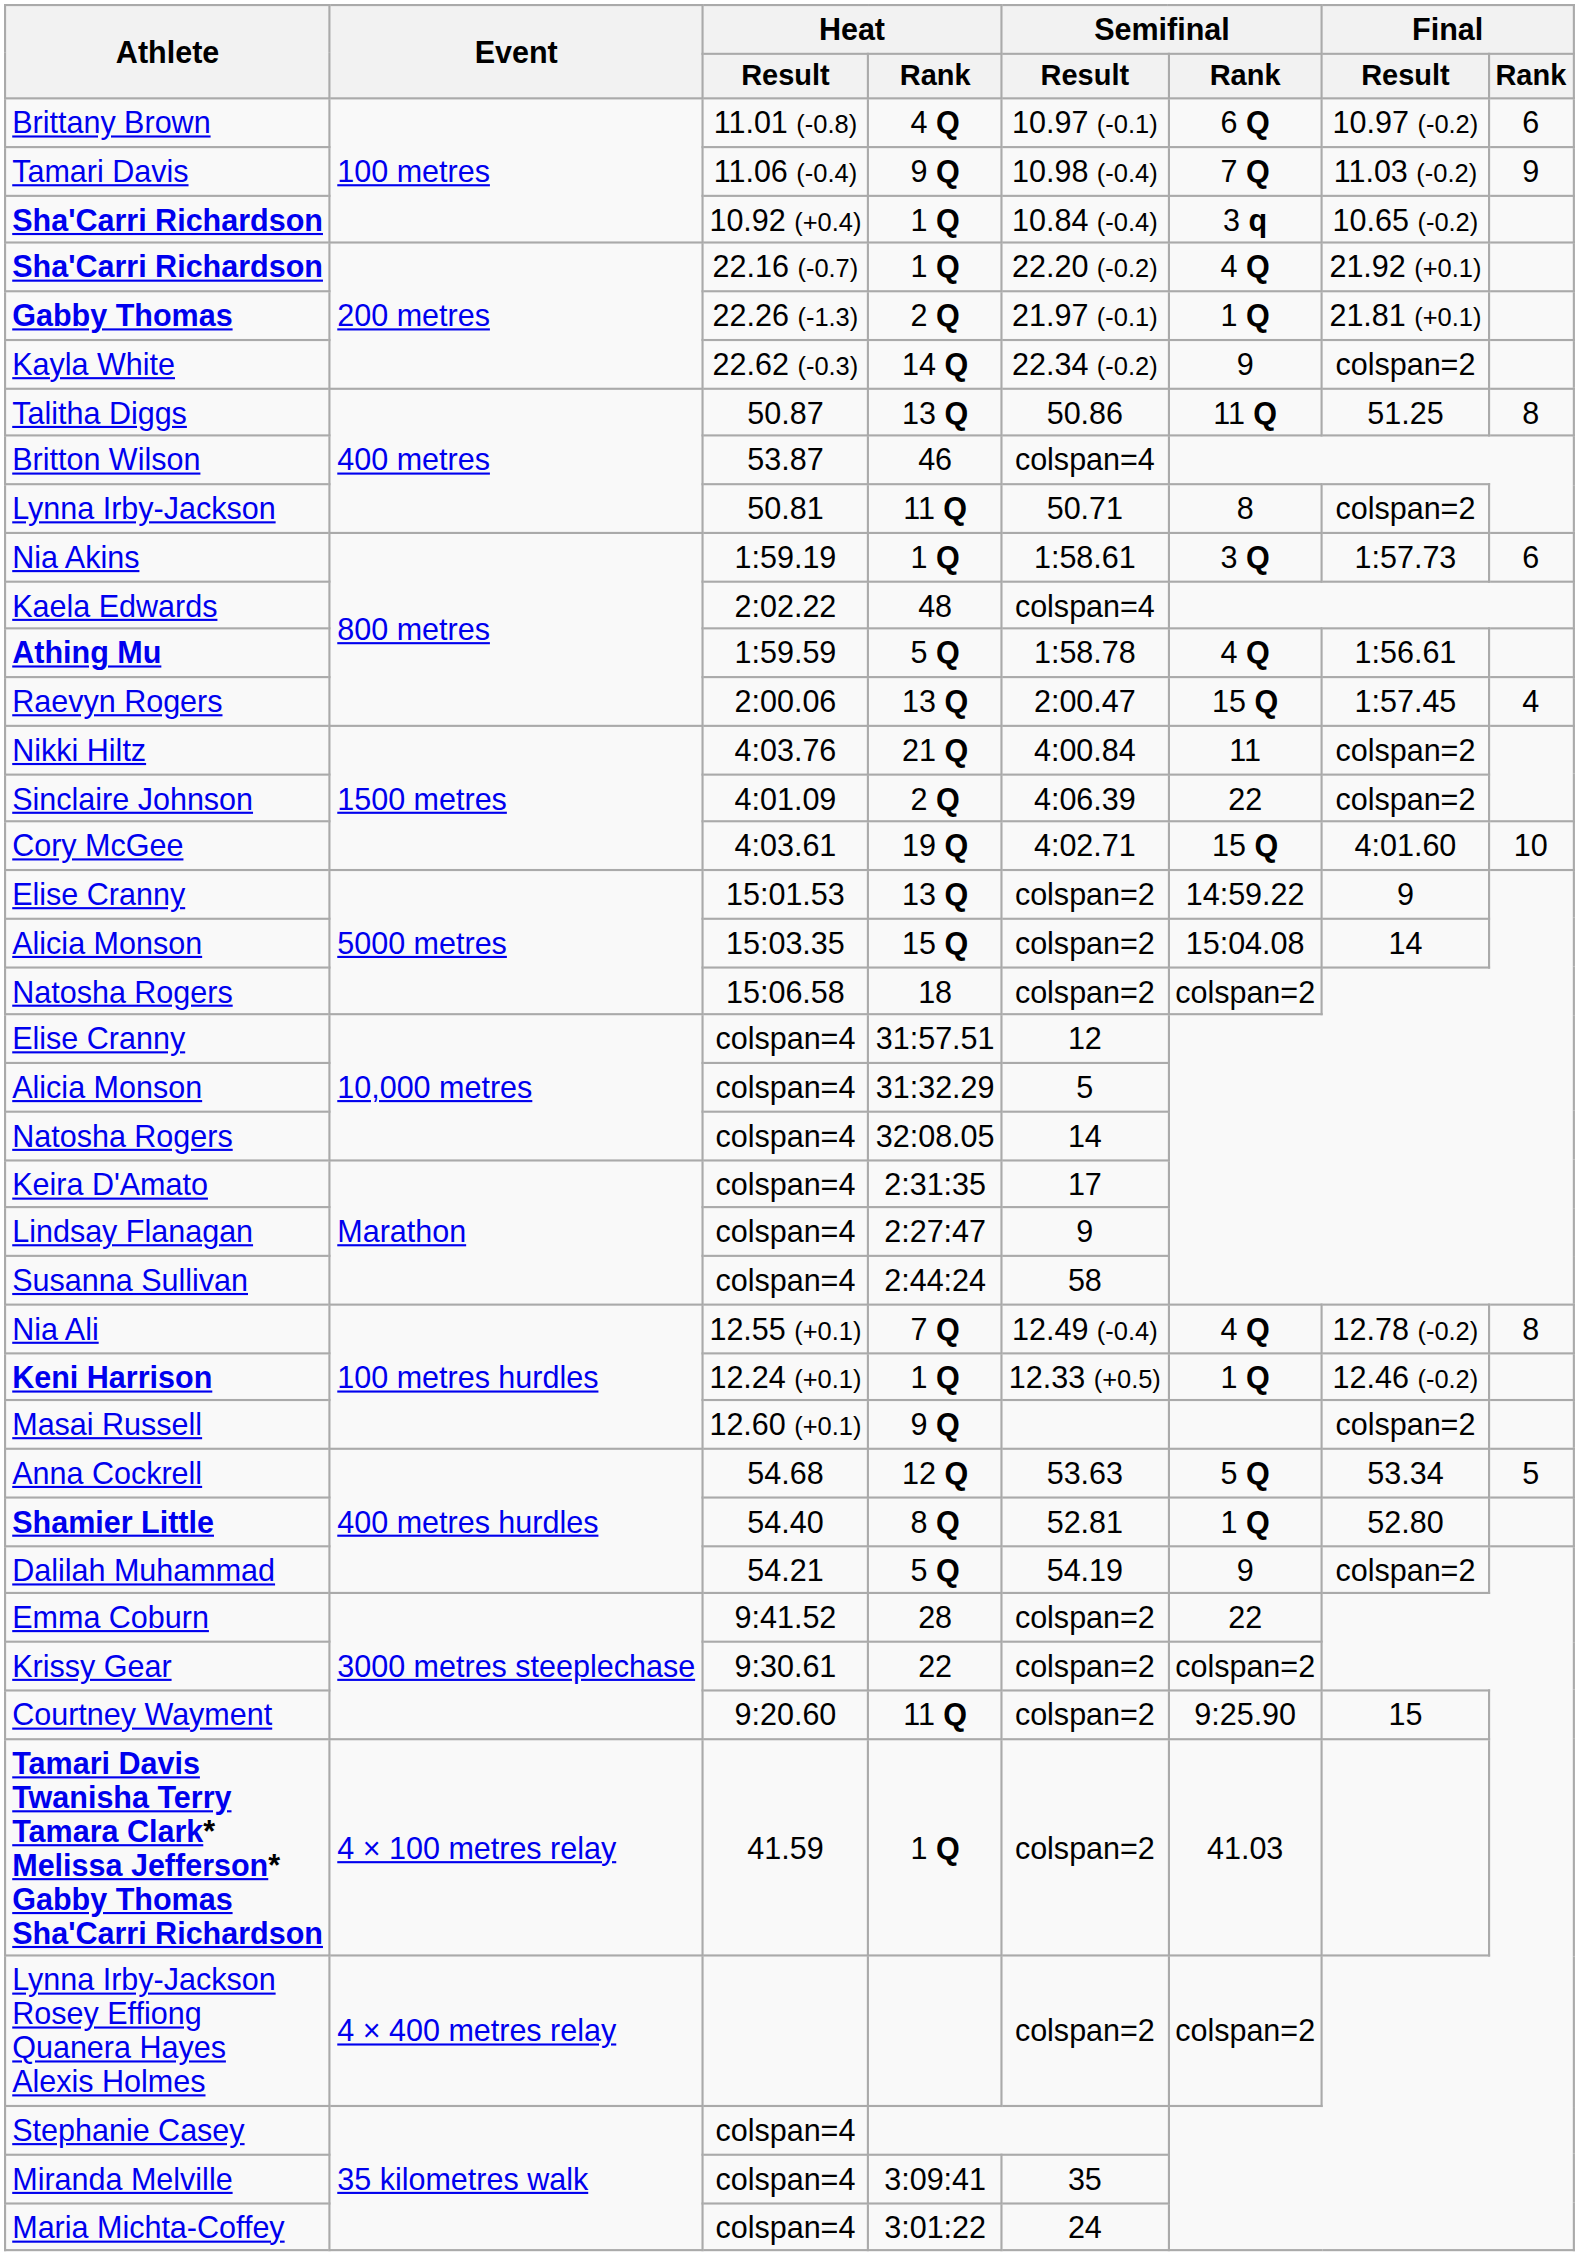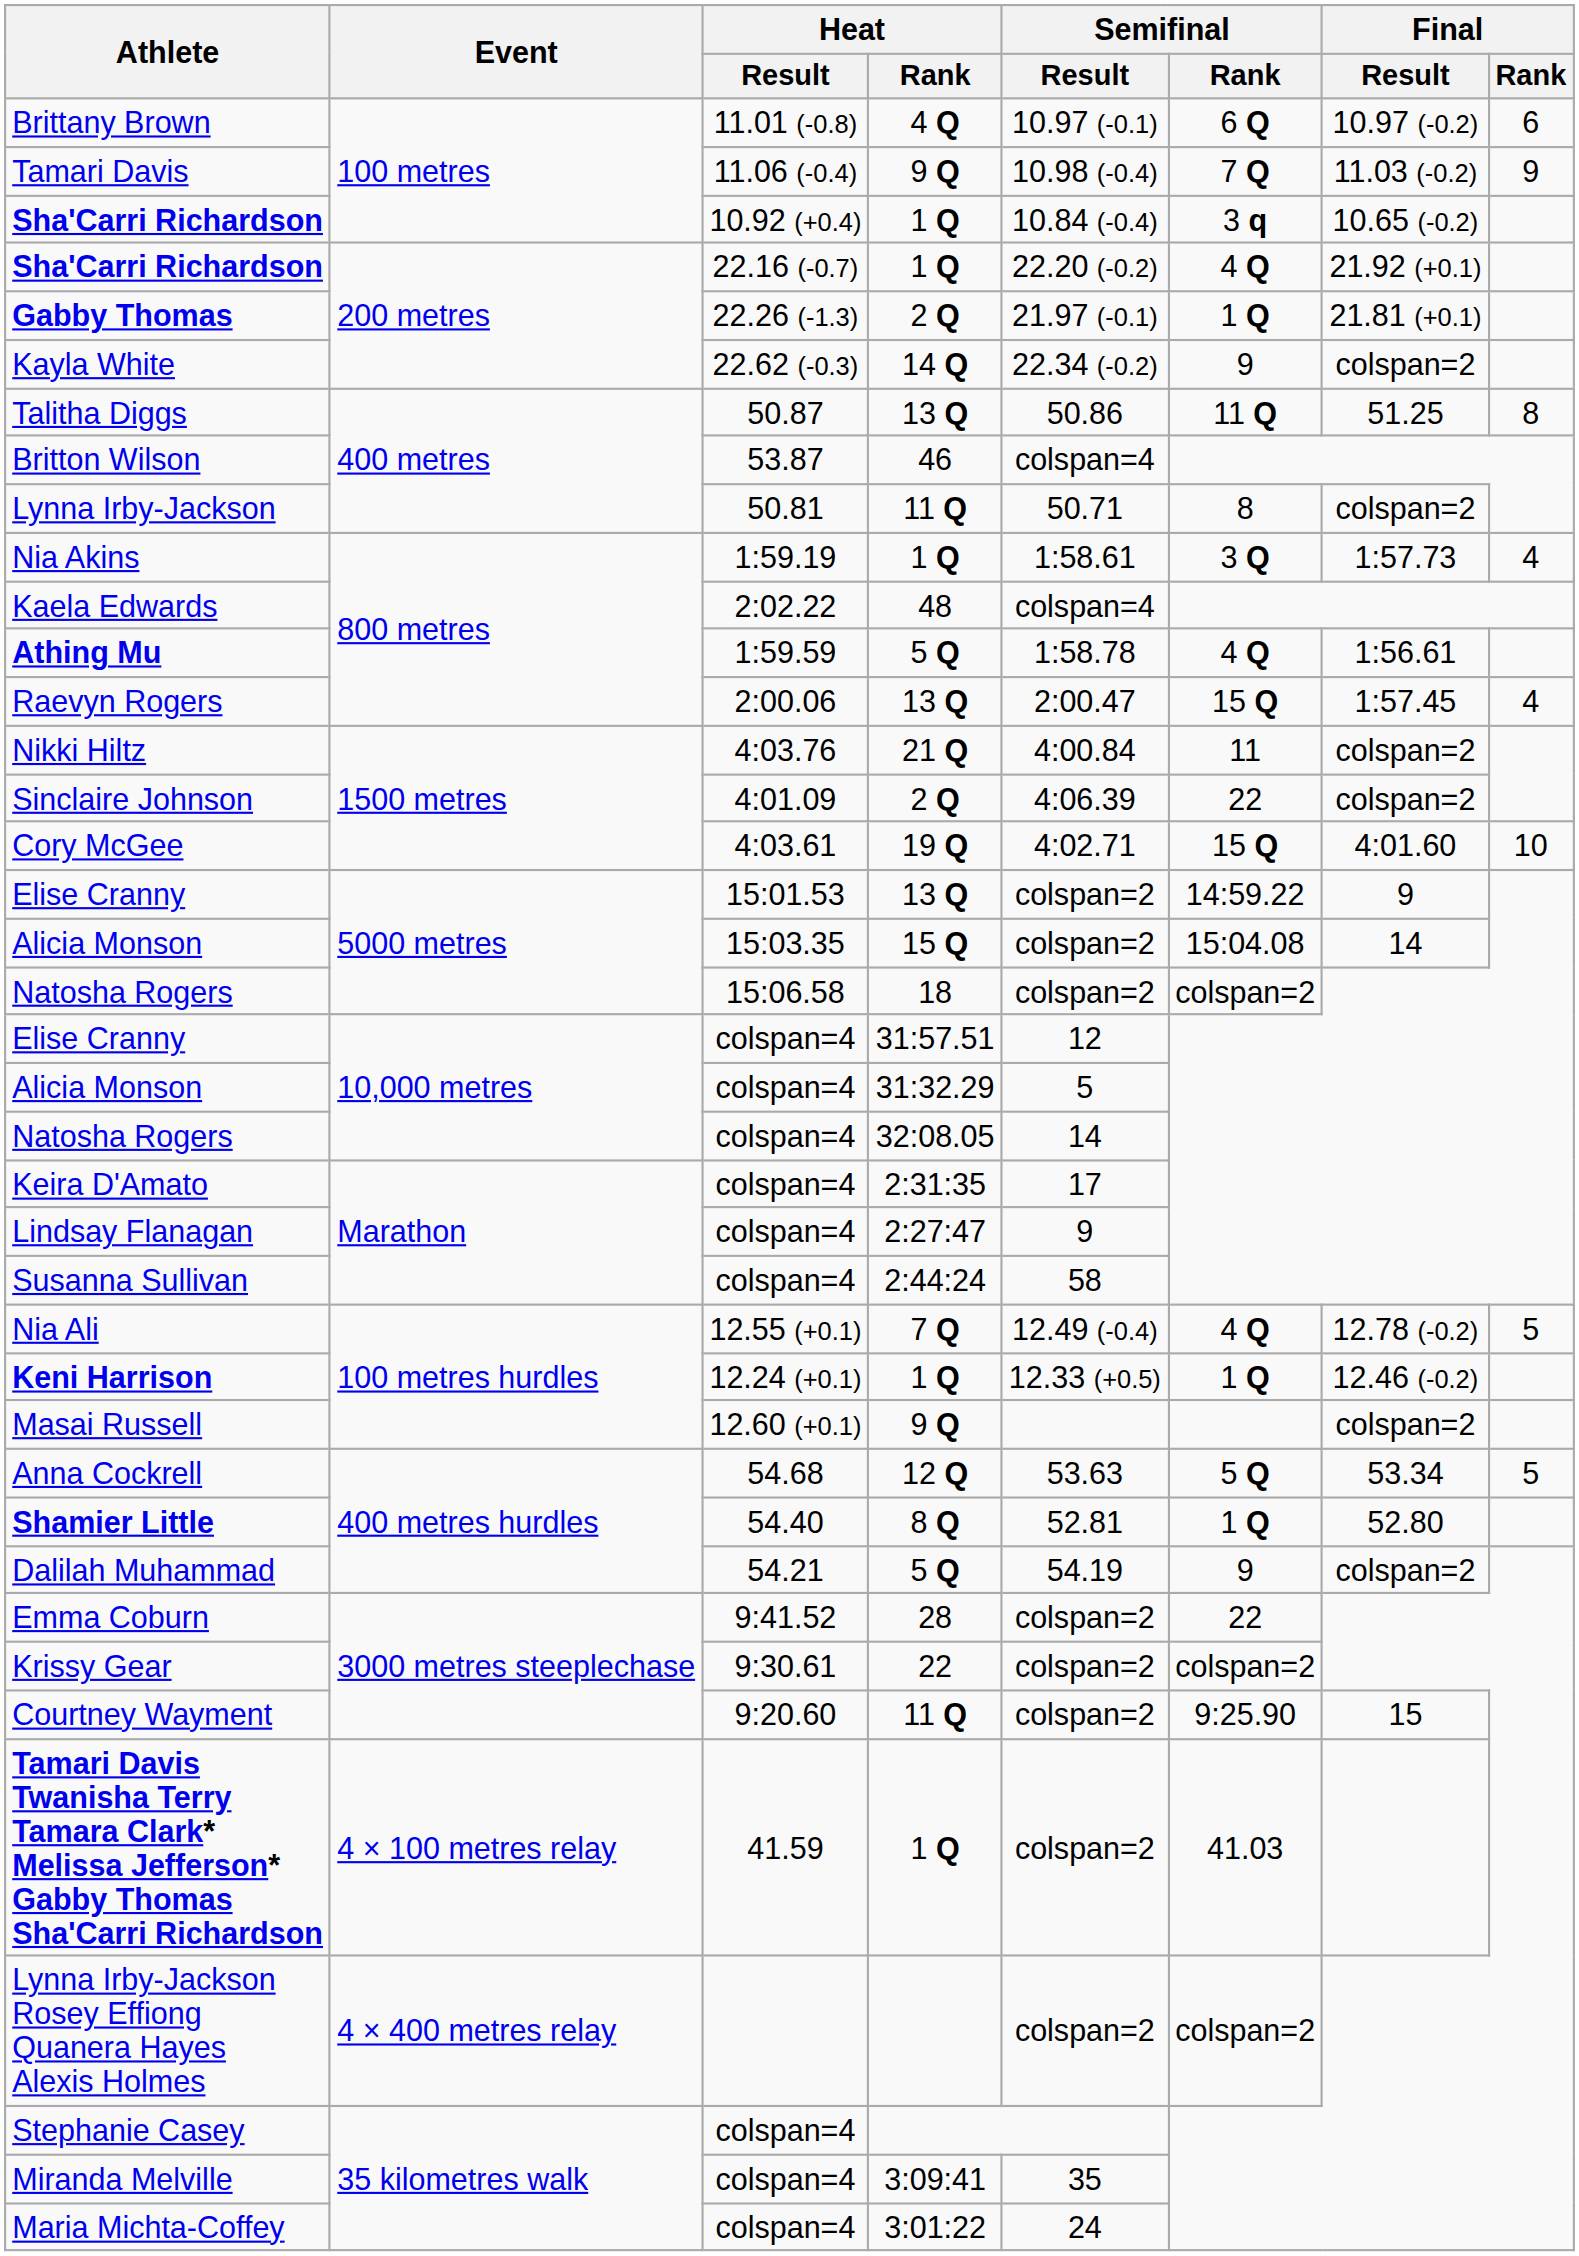 <table class="wikitable" style="font-size:90%">
 <tr>
 <th rowspan="2">Athlete</th>
 <th rowspan="2">Event</th>
 <th colspan="2">Heat</th>
 <th colspan="2">Semifinal</th>
 <th colspan="2">Final</th>
 </tr>
 <tr style="font-size:95%">
 <th>Result</th>
 <th>Rank</th>
 <th>Result</th>
 <th>Rank</th>
 <th>Result</th>
 <th>Rank</th>
 </tr>
 <tr align="center">
 <td align="left"><a href='#'>Brittany Brown</a></td>
 <td rowspan="3" align="left"><a href='#'>100 metres</a></td>
 <td>11.01 <small>(-0.8)</small></td>
 <td>4 <strong>Q</strong></td>
 <td>10.97 <small>(-0.1)</small></td>
 <td>6 <strong>Q</strong></td>
 <td>10.97 <small>(-0.2)</small></td>
 <td>6</td>
 </tr>
 <tr align="center">
 <td align="left"><a href='#'>Tamari Davis</a></td>
 <td>11.06 <small>(-0.4)</small></td>
 <td>9 <strong>Q</strong></td>
 <td>10.98 <small>(-0.4)</small></td>
 <td>7 <strong>Q</strong></td>
 <td>11.03 <small>(-0.2)</small></td>
 <td>9</td>
 </tr>
 <tr align="center">
 <td align="left"><strong><a href='#'>Sha'Carri Richardson</a></strong></td>
 <td>10.92 <small>(+0.4)</small></td>
 <td>1 <strong>Q</strong></td>
 <td>10.84 <small>(-0.4)</small></td>
 <td>3 <strong>q</strong></td>
 <td>10.65 <small>(-0.2)</small> <strong></strong></td>
 <td></td>
 </tr>
 <tr align="center">
 <td align="left"><strong><a href='#'>Sha'Carri Richardson</a></strong></td>
 <td rowspan="3" align="left"><a href='#'>200 metres</a></td>
 <td>22.16 <small>(-0.7)</small></td>
 <td>1 <strong>Q</strong></td>
 <td>22.20 <small>(-0.2)</small></td>
 <td>4 <strong>Q</strong></td>
 <td>21.92 <strong></strong> <small>(+0.1)</small></td>
 <td></td>
 </tr>
 <tr align="center">
 <td align="left"><strong><a href='#'>Gabby Thomas</a></strong></td>
 <td>22.26 <small>(-1.3)</small></td>
 <td>2 <strong>Q</strong></td>
 <td>21.97 <small>(-0.1)</small></td>
 <td>1 <strong>Q</strong></td>
 <td>21.81 <small>(+0.1)</small></td>
 <td></td>
 </tr>
 <tr align="center">
 <td align="left"><a href='#'>Kayla White</a></td>
 <td>22.62 <small>(-0.3)</small></td>
 <td>14 <strong>Q</strong></td>
 <td>22.34 <small>(-0.2)</small></td>
 <td>9</td>
 <td>colspan=2 </td>
 </tr>
 <tr align="center">
 <td align="left"><a href='#'>Talitha Diggs</a></td>
 <td rowspan="3" align="left"><a href='#'>400 metres</a></td>
 <td>50.87</td>
 <td>13 <strong>Q</strong></td>
 <td>50.86</td>
 <td>11 <strong>Q</strong></td>
 <td>51.25</td>
 <td>8</td>
 </tr>
 <tr align="center">
 <td align="left"><a href='#'>Britton Wilson</a></td>
 <td>53.87</td>
 <td>46</td>
 <td>colspan=4 </td>
 </tr>
 <tr align="center">
 <td align="left"><a href='#'>Lynna Irby-Jackson</a></td>
 <td>50.81</td>
 <td>11 <strong>Q</strong></td>
 <td>50.71</td>
 <td>8</td>
 <td>colspan=2 </td>
 </tr>
 <tr align="center">
 <td align="left"><a href='#'>Nia Akins</a></td>
 <td rowspan="4" align="left"><a href='#'>800 metres</a></td>
 <td>1:59.19</td>
 <td>1 <strong>Q</strong></td>
 <td>1:58.61</td>
 <td>3 <strong>Q</strong></td>
 <td>1:57.73 <strong></strong></td>
-<td>6</td>
+<td>4</td>
 </tr>
 <tr align="center">
 <td align="left"><a href='#'>Kaela Edwards</a></td>
 <td>2:02.22</td>
 <td>48</td>
 <td>colspan=4 </td>
 </tr>
 <tr align="center">
 <td align="left"><strong><a href='#'>Athing Mu</a></strong></td>
 <td>1:59.59</td>
 <td>5 <strong>Q</strong></td>
 <td>1:58.78</td>
 <td>4 <strong>Q</strong></td>
 <td>1:56.61 <strong></strong></td>
 <td></td>
 </tr>
 <tr align="center">
 <td align="left"><a href='#'>Raevyn Rogers</a></td>
 <td>2:00.06</td>
 <td>13 <strong>Q</strong></td>
 <td>2:00.47</td>
 <td>15 <strong>Q</strong></td>
 <td>1:57.45 <strong></strong></td>
 <td>4</td>
 </tr>
 <tr align="center">
 <td align="left"><a href='#'>Nikki Hiltz</a></td>
 <td rowspan="3" align="left"><a href='#'>1500 metres</a></td>
 <td>4:03.76</td>
 <td>21 <strong>Q</strong></td>
 <td>4:00.84</td>
 <td>11</td>
 <td>colspan=2 </td>
 </tr>
 <tr align="center">
 <td align="left"><a href='#'>Sinclaire Johnson</a></td>
 <td>4:01.09 <strong></strong></td>
 <td>2 <strong>Q</strong></td>
 <td>4:06.39</td>
 <td>22</td>
 <td>colspan=2 </td>
 </tr>
 <tr align="center">
 <td align="left"><a href='#'>Cory McGee</a></td>
 <td>4:03.61</td>
 <td>19 <strong>Q</strong></td>
 <td>4:02.71</td>
 <td>15 <strong>Q</strong></td>
 <td>4:01.60</td>
 <td>10</td>
 </tr>
 <tr align="center">
 <td align="left"><a href='#'>Elise Cranny</a></td>
 <td rowspan="3" align="left"><a href='#'>5000 metres</a></td>
 <td>15:01.53</td>
 <td>13 <strong>Q</strong></td>
 <td>colspan=2</td>
 <td>14:59.22</td>
 <td>9</td>
 </tr>
 <tr align="center">
 <td align="left"><a href='#'>Alicia Monson</a></td>
 <td>15:03.35</td>
 <td>15 <strong>Q</strong></td>
 <td>colspan=2</td>
 <td>15:04.08</td>
 <td>14</td>
 </tr>
 <tr align="center">
 <td align="left"><a href='#'>Natosha Rogers</a></td>
 <td>15:06.58</td>
 <td>18</td>
 <td>colspan=2</td>
 <td>colspan=2 </td>
 </tr>
 <tr align="center">
 <td align="left"><a href='#'>Elise Cranny</a></td>
 <td rowspan="3" align="left"><a href='#'>10,000 metres</a></td>
 <td>colspan=4</td>
 <td>31:57.51 <strong></strong></td>
 <td>12</td>
 </tr>
 <tr align="center">
 <td align="left"><a href='#'>Alicia Monson</a></td>
 <td>colspan=4</td>
 <td>31:32.29</td>
 <td>5</td>
 </tr>
 <tr align="center">
 <td align="left"><a href='#'>Natosha Rogers</a></td>
 <td>colspan=4</td>
 <td>32:08.05</td>
 <td>14</td>
 </tr>
 <tr align="center">
 <td align="left"><a href='#'>Keira D'Amato</a></td>
 <td rowspan="3" align="left"><a href='#'>Marathon</a></td>
 <td>colspan=4</td>
 <td>2:31:35 <strong></strong></td>
 <td>17</td>
 </tr>
 <tr align="center">
 <td align="left"><a href='#'>Lindsay Flanagan</a></td>
 <td>colspan=4</td>
 <td>2:27:47</td>
 <td>9</td>
 </tr>
 <tr align="center">
 <td align="left"><a href='#'>Susanna Sullivan</a></td>
 <td>colspan=4</td>
 <td>2:44:24</td>
 <td>58</td>
 </tr>
 <tr align="center">
 <td align="left"><a href='#'>Nia Ali</a></td>
 <td rowspan="3" align="left"><a href='#'>100 metres hurdles</a></td>
 <td>12.55 <small>(+0.1)</small></td>
 <td>7 <strong>Q</strong></td>
 <td>12.49 <small>(-0.4)</small></td>
 <td>4 <strong>Q</strong></td>
 <td>12.78 <small>(-0.2)</small></td>
-<td>8</td>
+<td>5</td>
 </tr>
 <tr align="center">
 <td align="left"><strong><a href='#'>Keni Harrison</a></strong></td>
 <td>12.24 <small>(+0.1)</small> <strong></strong></td>
 <td>1 <strong>Q</strong></td>
 <td>12.33 <small>(+0.5)</small></td>
 <td>1 <strong>Q</strong></td>
 <td>12.46 <small>(-0.2)</small></td>
 <td></td>
 </tr>
 <tr align="center">
 <td align="left"><a href='#'>Masai Russell</a></td>
 <td>12.60 <small>(+0.1)</small></td>
 <td>9 <strong>Q</strong></td>
 <td><strong></strong></td>
 <td></td>
 <td>colspan=2 </td>
 </tr>
 <tr align="center">
 <td align="left"><a href='#'>Anna Cockrell</a></td>
 <td rowspan="3" align="left"><a href='#'>400 metres hurdles</a></td>
 <td>54.68</td>
 <td>12 <strong>Q</strong></td>
 <td>53.63 <strong></strong></td>
 <td>5 <strong>Q</strong></td>
 <td>53.34 <strong></strong></td>
 <td>5</td>
 </tr>
 <tr align="center">
 <td align="left"><strong><a href='#'>Shamier Little</a></strong></td>
 <td>54.40</td>
 <td>8 <strong>Q</strong></td>
 <td>52.81 <strong></strong></td>
 <td>1 <strong>Q</strong></td>
 <td>52.80 <strong></strong></td>
 <td></td>
 </tr>
 <tr align="center">
 <td align="left"><a href='#'>Dalilah Muhammad</a></td>
 <td>54.21</td>
 <td>5 <strong>Q</strong></td>
 <td>54.19</td>
 <td>9</td>
 <td>colspan=2</td>
 </tr>
 <tr align="center">
 <td align="left"><a href='#'>Emma Coburn</a></td>
 <td rowspan="3" align="left"><a href='#'>3000 metres steeplechase</a></td>
 <td>9:41.52</td>
 <td>28</td>
 <td>colspan=2</td>
 <td>22</td>
 </tr>
 <tr align="center">
 <td align="left"><a href='#'>Krissy Gear</a></td>
 <td>9:30.61</td>
 <td>22</td>
 <td>colspan=2</td>
 <td>colspan=2 </td>
 </tr>
 <tr align="center">
 <td align="left"><a href='#'>Courtney Wayment</a></td>
 <td>9:20.60</td>
 <td>11 <strong>Q</strong></td>
 <td>colspan=2</td>
 <td>9:25.90</td>
 <td>15</td>
 </tr>
 <tr align="center">
 <td align="left"><strong><a href='#'>Tamari Davis</a><br><a href='#'>Twanisha Terry</a><br><a href='#'>Tamara Clark</a>*<br><a href='#'>Melissa Jefferson</a>*<br><a href='#'>Gabby Thomas</a><br><a href='#'>Sha'Carri Richardson</a></strong></td>
 <td align="left"><a href='#'>4 × 100 metres relay</a></td>
 <td>41.59 <strong></strong></td>
 <td>1 <strong>Q</strong></td>
 <td>colspan=2</td>
 <td>41.03 <strong></strong></td>
 <td></td>
 </tr>
 <tr align="center">
 <td align="left"><a href='#'>Lynna Irby-Jackson</a><br><a href='#'>Rosey Effiong</a><br><a href='#'>Quanera Hayes</a><br><a href='#'>Alexis Holmes</a></td>
 <td align="left"><a href='#'>4 × 400 metres relay</a></td>
 <td><strong></strong></td>
 <td></td>
 <td>colspan=2</td>
 <td>colspan=2 </td>
 </tr>
 <tr align="center">
 <td align="left"><a href='#'>Stephanie Casey</a></td>
 <td rowspan="3" align="left"><a href='#'>35 kilometres walk</a></td>
 <td>colspan=4</td>
 <td colspan=2><strong></strong></td>
 </tr>
 <tr align="center">
 <td align="left"><a href='#'>Miranda Melville</a></td>
 <td>colspan=4</td>
 <td>3:09:41</td>
 <td>35</td>
 </tr>
 <tr align="center">
 <td align="left"><a href='#'>Maria Michta-Coffey</a></td>
 <td>colspan=4</td>
 <td>3:01:22</td>
 <td>24</td>
 </tr>
 </table>
